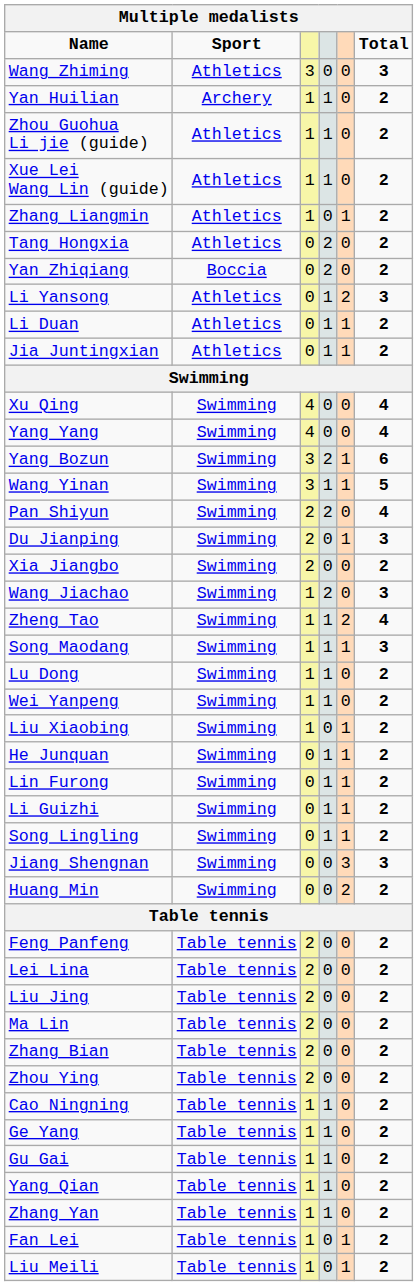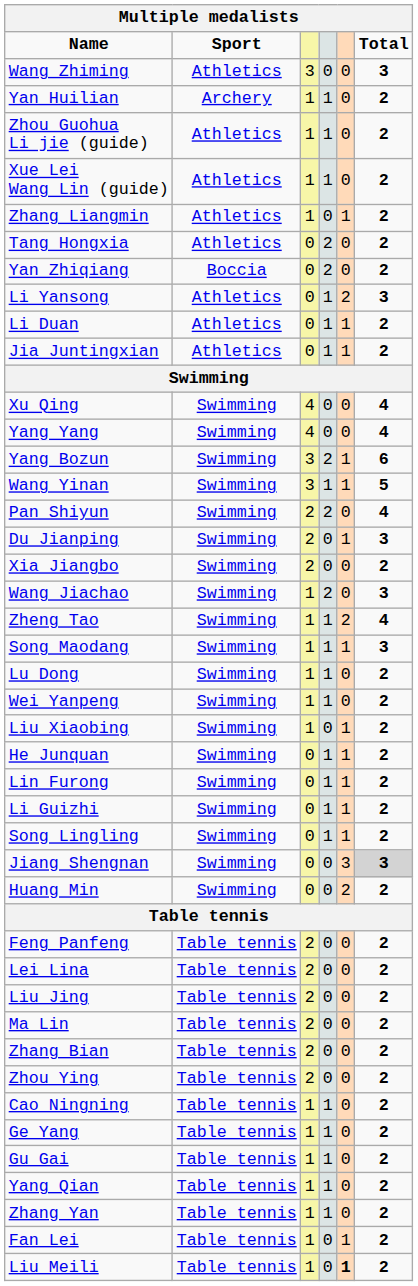 <table class="wikitable" style="text-align: center; font-size:95%">
 <tr style="background:#efefef;">
 <th colspan=7>Multiple medalists</th>
 </tr>
 <tr>
 <td><strong>Name</strong></td>
 <td><strong>Sport</strong></td>
 <td style="background:#F7F6A8;"></td>
 <td style="background:#DCE5E5;"></td>
 <td style="background:#FFDAB9;"></td>
 <td><strong>Total</strong></td>
 </tr>
 <tr>
 <td align=left><a href='#'>Wang Zhiming</a></td>
 <td><a href='#'>Athletics</a></td>
 <td style="background:#F7F6A8;">3</td>
 <td style="background:#DCE5E5;">0</td>
 <td style="background:#FFDAB9;">0</td>
 <td><strong>3</strong></td>
 </tr>
 <tr>
 <td align=left><a href='#'>Yan Huilian</a></td>
 <td><a href='#'>Archery</a></td>
 <td style="background:#F7F6A8;">1</td>
 <td style="background:#DCE5E5;">1</td>
 <td style="background:#FFDAB9;">0</td>
 <td><strong>2</strong></td>
 </tr>
 <tr>
 <td align=left><a href='#'>Zhou Guohua</a><br><a href='#'>Li jie</a> (guide)</td>
 <td><a href='#'>Athletics</a></td>
 <td style="background:#F7F6A8;">1</td>
 <td style="background:#DCE5E5;">1</td>
 <td style="background:#FFDAB9;">0</td>
 <td><strong>2</strong></td>
 </tr>
 <tr>
 <td align=left><a href='#'>Xue Lei</a><br><a href='#'>Wang Lin</a> (guide)</td>
 <td><a href='#'>Athletics</a></td>
 <td style="background:#F7F6A8;">1</td>
 <td style="background:#DCE5E5;">1</td>
 <td style="background:#FFDAB9;">0</td>
 <td><strong>2</strong></td>
 </tr>
 <tr>
 <td align=left><a href='#'>Zhang Liangmin</a></td>
 <td><a href='#'>Athletics</a></td>
 <td style="background:#F7F6A8;">1</td>
 <td style="background:#DCE5E5;">0</td>
 <td style="background:#FFDAB9;">1</td>
 <td><strong>2</strong></td>
 </tr>
 <tr>
 <td align=left><a href='#'>Tang Hongxia</a></td>
 <td><a href='#'>Athletics</a></td>
 <td style="background:#F7F6A8;">0</td>
 <td style="background:#DCE5E5;">2</td>
 <td style="background:#FFDAB9;">0</td>
 <td><strong>2</strong></td>
 </tr>
 <tr>
 <td align=left><a href='#'>Yan Zhiqiang</a></td>
 <td><a href='#'>Boccia</a></td>
 <td style="background:#F7F6A8;">0</td>
 <td style="background:#DCE5E5;">2</td>
 <td style="background:#FFDAB9;">0</td>
 <td><strong>2</strong></td>
 </tr>
 <tr>
 <td align=left><a href='#'>Li Yansong</a></td>
 <td><a href='#'>Athletics</a></td>
 <td style="background:#F7F6A8;">0</td>
 <td style="background:#DCE5E5;">1</td>
 <td style="background:#FFDAB9;">2</td>
 <td><strong>3</strong></td>
 </tr>
 <tr>
 <td align=left><a href='#'>Li Duan</a></td>
 <td><a href='#'>Athletics</a></td>
 <td style="background:#F7F6A8;">0</td>
 <td style="background:#DCE5E5;">1</td>
 <td style="background:#FFDAB9;">1</td>
 <td><strong>2</strong></td>
 </tr>
 <tr>
 <td align=left><a href='#'>Jia Juntingxian</a></td>
 <td><a href='#'>Athletics</a></td>
 <td style="background:#F7F6A8;">0</td>
 <td style="background:#DCE5E5;">1</td>
 <td style="background:#FFDAB9;">1</td>
 <td><strong>2</strong></td>
 </tr>
 <tr>
 <th colspan=7>Swimming</th>
 </tr>
 <tr>
 <td align=left><a href='#'>Xu Qing</a></td>
 <td><a href='#'>Swimming</a></td>
 <td style="background:#F7F6A8;">4</td>
 <td style="background:#DCE5E5;">0</td>
 <td style="background:#FFDAB9;">0</td>
 <td><strong>4</strong></td>
 </tr>
 <tr>
 <td align=left><a href='#'>Yang Yang</a></td>
 <td><a href='#'>Swimming</a></td>
 <td style="background:#F7F6A8;">4</td>
 <td style="background:#DCE5E5;">0</td>
 <td style="background:#FFDAB9;">0</td>
 <td><strong>4</strong></td>
 </tr>
 <tr>
 <td align=left><a href='#'>Yang Bozun</a></td>
 <td><a href='#'>Swimming</a></td>
 <td style="background:#F7F6A8;">3</td>
 <td style="background:#DCE5E5;">2</td>
 <td style="background:#FFDAB9;">1</td>
 <td><strong>6</strong></td>
 </tr>
 <tr>
 <td align=left><a href='#'>Wang Yinan</a></td>
 <td><a href='#'>Swimming</a></td>
 <td style="background:#F7F6A8;">3</td>
 <td style="background:#DCE5E5;">1</td>
 <td style="background:#FFDAB9;">1</td>
 <td><strong>5</strong></td>
 </tr>
 <tr>
 <td align=left><a href='#'>Pan Shiyun</a></td>
 <td><a href='#'>Swimming</a></td>
 <td style="background:#F7F6A8;">2</td>
 <td style="background:#DCE5E5;">2</td>
 <td style="background:#FFDAB9;">0</td>
 <td><strong>4</strong></td>
 </tr>
 <tr>
 <td align=left><a href='#'>Du Jianping</a></td>
 <td><a href='#'>Swimming</a></td>
 <td style="background:#F7F6A8;">2</td>
 <td style="background:#DCE5E5;">0</td>
 <td style="background:#FFDAB9;">1</td>
 <td><strong>3</strong></td>
 </tr>
 <tr>
 <td align=left><a href='#'>Xia Jiangbo</a></td>
 <td><a href='#'>Swimming</a></td>
 <td style="background:#F7F6A8;">2</td>
 <td style="background:#DCE5E5;">0</td>
 <td style="background:#FFDAB9;">0</td>
 <td><strong>2</strong></td>
 </tr>
 <tr>
 <td align=left><a href='#'>Wang Jiachao</a></td>
 <td><a href='#'>Swimming</a></td>
 <td style="background:#F7F6A8;">1</td>
 <td style="background:#DCE5E5;">2</td>
 <td style="background:#FFDAB9;">0</td>
 <td><strong>3</strong></td>
 </tr>
 <tr>
 <td align=left><a href='#'>Zheng Tao</a></td>
 <td><a href='#'>Swimming</a></td>
 <td style="background:#F7F6A8;">1</td>
 <td style="background:#DCE5E5;">1</td>
 <td style="background:#FFDAB9;">2</td>
 <td><strong>4</strong></td>
 </tr>
 <tr>
 <td align=left><a href='#'>Song Maodang</a></td>
 <td><a href='#'>Swimming</a></td>
 <td style="background:#F7F6A8;">1</td>
 <td style="background:#DCE5E5;">1</td>
 <td style="background:#FFDAB9;">1</td>
 <td><strong>3</strong></td>
 </tr>
 <tr>
 <td align=left><a href='#'>Lu Dong</a></td>
 <td><a href='#'>Swimming</a></td>
 <td style="background:#F7F6A8;">1</td>
 <td style="background:#DCE5E5;">1</td>
 <td style="background:#FFDAB9;">0</td>
 <td><strong>2</strong></td>
 </tr>
 <tr>
 <td align=left><a href='#'>Wei Yanpeng</a></td>
 <td><a href='#'>Swimming</a></td>
 <td style="background:#F7F6A8;">1</td>
 <td style="background:#DCE5E5;">1</td>
 <td style="background:#FFDAB9;">0</td>
 <td><strong>2</strong></td>
 </tr>
 <tr>
 <td align=left><a href='#'>Liu Xiaobing</a></td>
 <td><a href='#'>Swimming</a></td>
 <td style="background:#F7F6A8;">1</td>
 <td style="background:#DCE5E5;">0</td>
 <td style="background:#FFDAB9;">1</td>
 <td><strong>2</strong></td>
 </tr>
 <tr>
 <td align=left><a href='#'>He Junquan</a></td>
 <td><a href='#'>Swimming</a></td>
 <td style="background:#F7F6A8;">0</td>
 <td style="background:#DCE5E5;">1</td>
 <td style="background:#FFDAB9;">1</td>
 <td><strong>2</strong></td>
 </tr>
 <tr>
 <td align=left><a href='#'>Lin Furong</a></td>
 <td><a href='#'>Swimming</a></td>
 <td style="background:#F7F6A8;">0</td>
 <td style="background:#DCE5E5;">1</td>
 <td style="background:#FFDAB9;">1</td>
 <td><strong>2</strong></td>
 </tr>
 <tr>
 <td align=left><a href='#'>Li Guizhi</a></td>
 <td><a href='#'>Swimming</a></td>
 <td style="background:#F7F6A8;">0</td>
 <td style="background:#DCE5E5;">1</td>
 <td style="background:#FFDAB9;">1</td>
 <td><strong>2</strong></td>
 </tr>
 <tr>
 <td align=left><a href='#'>Song Lingling</a></td>
 <td><a href='#'>Swimming</a></td>
 <td style="background:#F7F6A8;">0</td>
 <td style="background:#DCE5E5;">1</td>
 <td style="background:#FFDAB9;">1</td>
 <td><strong>2</strong></td>
 </tr>
 <tr>
 <td align=left><a href='#'>Jiang Shengnan</a></td>
 <td><a href='#'>Swimming</a></td>
 <td style="background:#F7F6A8;">0</td>
 <td style="background:#DCE5E5;">0</td>
 <td style="background:#FFDAB9;">3</td>
-<td><strong>3</strong></td>
+<td style="background: lightgrey;"><strong>3</strong></td>
 </tr>
 <tr>
 <td align=left><a href='#'>Huang Min</a></td>
 <td><a href='#'>Swimming</a></td>
 <td style="background:#F7F6A8;">0</td>
 <td style="background:#DCE5E5;">0</td>
 <td style="background:#FFDAB9;">2</td>
 <td><strong>2</strong></td>
 </tr>
 <tr>
 <th colspan=7>Table tennis</th>
 </tr>
 <tr>
 <td align=left><a href='#'>Feng Panfeng</a></td>
 <td><a href='#'>Table tennis</a></td>
 <td style="background:#F7F6A8;">2</td>
 <td style="background:#DCE5E5;">0</td>
 <td style="background:#FFDAB9;">0</td>
 <td><strong>2</strong></td>
 </tr>
 <tr>
 <td align=left><a href='#'>Lei Lina</a></td>
 <td><a href='#'>Table tennis</a></td>
 <td style="background:#F7F6A8;">2</td>
 <td style="background:#DCE5E5;">0</td>
 <td style="background:#FFDAB9;">0</td>
 <td><strong>2</strong></td>
 </tr>
 <tr>
 <td align=left><a href='#'>Liu Jing</a></td>
 <td><a href='#'>Table tennis</a></td>
 <td style="background:#F7F6A8;">2</td>
 <td style="background:#DCE5E5;">0</td>
 <td style="background:#FFDAB9;">0</td>
 <td><strong>2</strong></td>
 </tr>
 <tr>
 <td align=left><a href='#'>Ma Lin</a></td>
 <td><a href='#'>Table tennis</a></td>
 <td style="background:#F7F6A8;">2</td>
 <td style="background:#DCE5E5;">0</td>
 <td style="background:#FFDAB9;">0</td>
 <td><strong>2</strong></td>
 </tr>
 <tr>
 <td align=left><a href='#'>Zhang Bian</a></td>
 <td><a href='#'>Table tennis</a></td>
 <td style="background:#F7F6A8;">2</td>
 <td style="background:#DCE5E5;">0</td>
 <td style="background:#FFDAB9;">0</td>
 <td><strong>2</strong></td>
 </tr>
 <tr>
 <td align=left><a href='#'>Zhou Ying</a></td>
 <td><a href='#'>Table tennis</a></td>
 <td style="background:#F7F6A8;">2</td>
 <td style="background:#DCE5E5;">0</td>
 <td style="background:#FFDAB9;">0</td>
 <td><strong>2</strong></td>
 </tr>
 <tr>
 <td align=left><a href='#'>Cao Ningning</a></td>
 <td><a href='#'>Table tennis</a></td>
 <td style="background:#F7F6A8;">1</td>
 <td style="background:#DCE5E5;">1</td>
 <td style="background:#FFDAB9;">0</td>
 <td><strong>2</strong></td>
 </tr>
 <tr>
 <td align=left><a href='#'>Ge Yang</a></td>
 <td><a href='#'>Table tennis</a></td>
 <td style="background:#F7F6A8;">1</td>
 <td style="background:#DCE5E5;">1</td>
 <td style="background:#FFDAB9;">0</td>
 <td><strong>2</strong></td>
 </tr>
 <tr>
 <td align=left><a href='#'>Gu Gai</a></td>
 <td><a href='#'>Table tennis</a></td>
 <td style="background:#F7F6A8;">1</td>
 <td style="background:#DCE5E5;">1</td>
 <td style="background:#FFDAB9;">0</td>
 <td><strong>2</strong></td>
 </tr>
 <tr>
 <td align=left><a href='#'>Yang Qian</a></td>
 <td><a href='#'>Table tennis</a></td>
 <td style="background:#F7F6A8;">1</td>
 <td style="background:#DCE5E5;">1</td>
 <td style="background:#FFDAB9;">0</td>
 <td><strong>2</strong></td>
 </tr>
 <tr>
 <td align=left><a href='#'>Zhang Yan</a></td>
 <td><a href='#'>Table tennis</a></td>
 <td style="background:#F7F6A8;">1</td>
 <td style="background:#DCE5E5;">1</td>
 <td style="background:#FFDAB9;">0</td>
 <td><strong>2</strong></td>
 </tr>
 <tr>
 <td align=left><a href='#'>Fan Lei</a></td>
 <td><a href='#'>Table tennis</a></td>
 <td style="background:#F7F6A8;">1</td>
 <td style="background:#DCE5E5;">0</td>
 <td style="background:#FFDAB9;">1</td>
 <td><strong>2</strong></td>
 </tr>
 <tr>
 <td align=left><a href='#'>Liu Meili</a></td>
 <td><a href='#'>Table tennis</a></td>
 <td style="background:#F7F6A8;">1</td>
 <td style="background:#DCE5E5;">0</td>
-<td style="background:#FFDAB9;">1</td>
+<td style="background:#FFDAB9;"><strong>1</strong></td>
 <td><strong>2</strong></td>
 </tr>
 </table>
